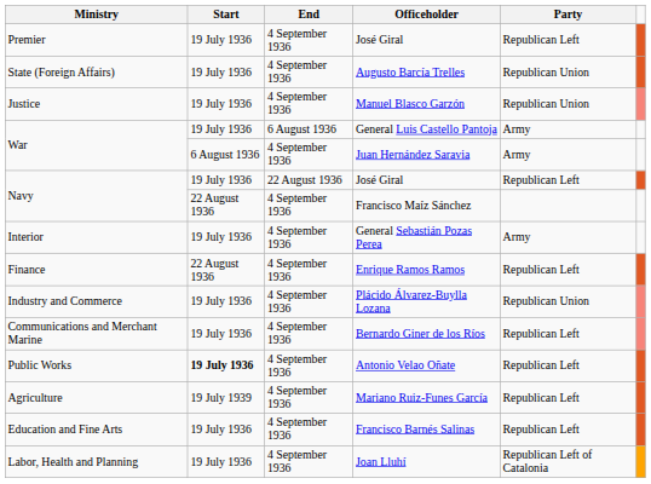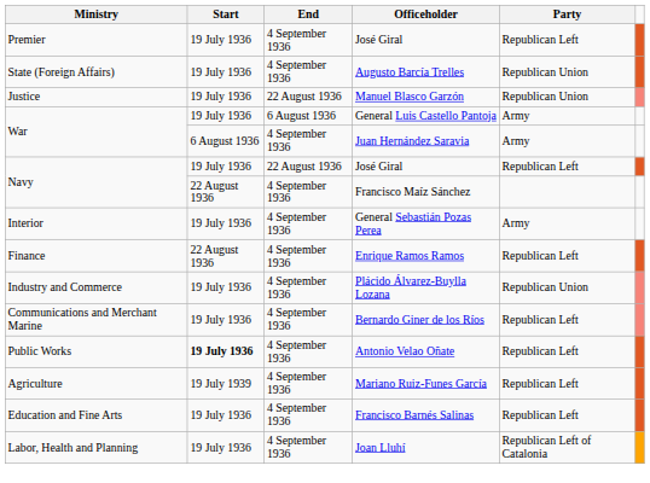 <table class=wikitable>
 <tr>
 <th>Ministry</th>
 <th>Start</th>
 <th>End</th>
 <th>Officeholder</th>
 <th>Party</th>
 </tr>
 <tr>
 <td>Premier</td>
 <td>19 July 1936</td>
 <td>4 September 1936</td>
 <td>José Giral</td>
 <td>Republican Left</td>
 <td style="width: 5px" bgcolor=#e25822 align="center"></td>
 </tr>
 <tr>
 <td>State (Foreign Affairs)</td>
 <td>19 July 1936</td>
 <td>4 September 1936</td>
 <td><a href='#'>Augusto Barcía Trelles</a></td>
 <td>Republican Union</td>
 <td style="width: 5px" bgcolor=#e25822 align="center"></td>
 </tr>
 <tr>
 <td>Justice</td>
 <td>19 July 1936</td>
-<td>4 September 1936</td>
+<td>22 August 1936</td>
 <td><a href='#'>Manuel Blasco Garzón</a></td>
 <td>Republican Union</td>
 <td style="width: 5px" bgcolor="#f88379" align="center"></td>
 </tr>
 <tr>
 <td rowspan=2>War</td>
 <td>19 July 1936</td>
 <td>6 August 1936</td>
 <td>General <a href='#'>Luis Castello Pantoja</a></td>
 <td>Army</td>
 <td style="background:"></td>
 </tr>
 <tr>
 <td>6 August 1936</td>
 <td>4 September 1936</td>
 <td><a href='#'>Juan Hernández Saravia</a></td>
 <td>Army</td>
 <td style="background:"></td>
 </tr>
 <tr>
 <td rowspan=2>Navy</td>
 <td>19 July 1936</td>
 <td>22 August 1936</td>
 <td>José Giral</td>
 <td>Republican Left</td>
 <td style="width: 5px" bgcolor=#e25822 align="center"></td>
 </tr>
 <tr>
 <td>22 August 1936</td>
 <td>4 September 1936</td>
 <td>Francisco Maíz Sánchez</td>
 <td></td>
 </tr>
 <tr>
 <td>Interior</td>
 <td>19 July 1936</td>
 <td>4 September 1936</td>
 <td>General <a href='#'>Sebastián Pozas Perea</a></td>
 <td>Army</td>
 <td style="background:"></td>
 </tr>
 <tr>
 <td>Finance</td>
 <td>22 August 1936</td>
 <td>4 September 1936</td>
 <td><a href='#'>Enrique Ramos Ramos</a></td>
 <td>Republican Left</td>
 <td style="width: 5px" bgcolor=#e25822 align="center"></td>
 </tr>
 <tr>
 <td>Industry and Commerce</td>
 <td>19 July 1936</td>
 <td>4 September 1936</td>
 <td><a href='#'>Plácido Álvarez-Buylla Lozana</a></td>
 <td>Republican Union</td>
 <td style="width: 5px" bgcolor="#f88379" align="center"></td>
 </tr>
 <tr>
 <td>Communications and Merchant Marine</td>
 <td>19 July 1936</td>
 <td>4 September 1936</td>
 <td><a href='#'>Bernardo Giner de los Ríos</a></td>
 <td>Republican Left</td>
 <td style="width: 5px" bgcolor="#f88379" align="center"></td>
 </tr>
 <tr>
 <td>Public Works</td>
 <td><strong>19 July 1936</strong></td>
 <td>4 September 1936</td>
 <td><a href='#'>Antonio Velao Oñate</a></td>
 <td>Republican Left</td>
 <td style="width: 5px" bgcolor=#e25822 align="center"></td>
 </tr>
 <tr>
 <td>Agriculture</td>
 <td>19 July 1939</td>
 <td>4 September 1936</td>
 <td><a href='#'>Mariano Ruiz-Funes García</a></td>
 <td>Republican Left</td>
 <td style="width: 5px" bgcolor=#e25822 align="center"></td>
 </tr>
 <tr>
 <td>Education and Fine Arts</td>
 <td>19 July 1936</td>
 <td>4 September 1936</td>
 <td><a href='#'>Francisco Barnés Salinas</a></td>
 <td>Republican Left</td>
 <td style="width: 5px" bgcolor=#e25822 align="center"></td>
 </tr>
 <tr>
 <td>Labor, Health and Planning</td>
 <td>19 July 1936</td>
 <td>4 September 1936</td>
 <td><a href='#'>Joan Lluhí</a></td>
 <td>Republican Left of Catalonia</td>
 <td style="width: 5px" bgcolor="orange" align="center"></td>
 </tr>
 </table>
